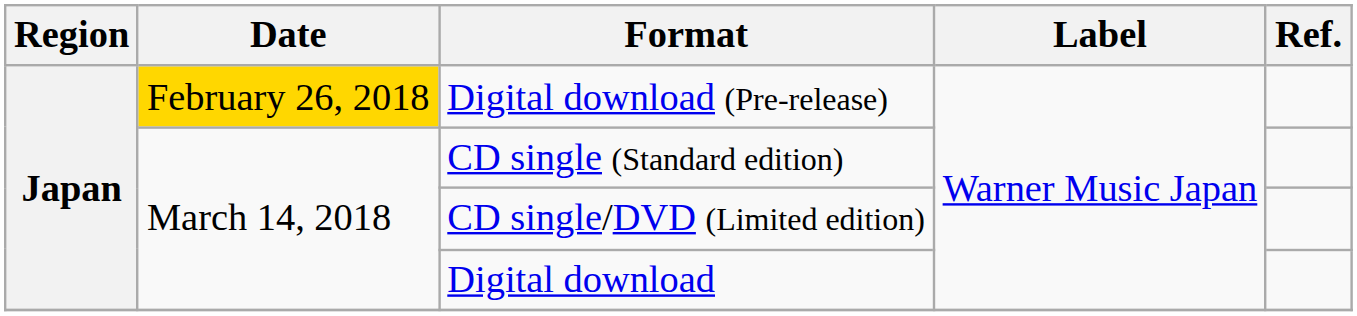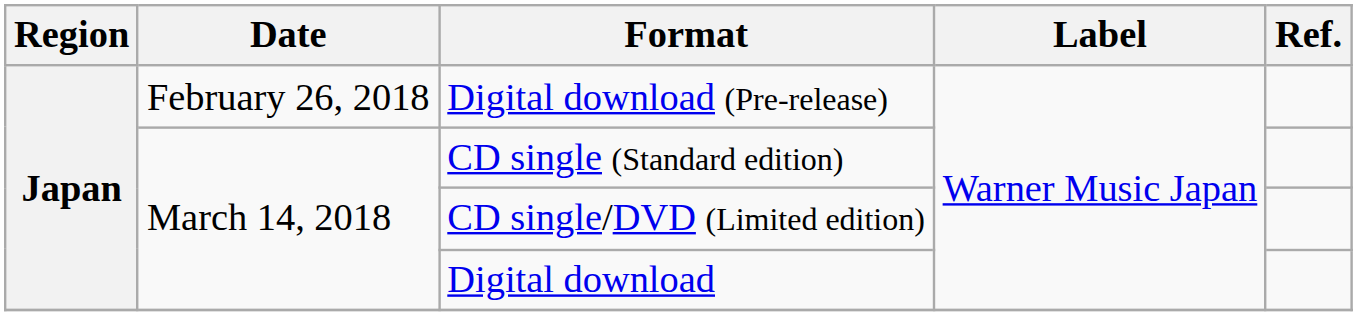 <table class="wikitable sortable plainrowheaders">
 <tr>
 <th scope="col">Region</th>
 <th scope="col">Date</th>
 <th scope="col">Format</th>
 <th scope="col">Label</th>
 <th scope="col">Ref.</th>
 </tr>
 <tr>
 <th rowspan="4">Japan</th>
-<td rowspan="1" style="background: gold;">February 26, 2018</td>
+<td rowspan="1">February 26, 2018</td>
 <td><a href='#'>Digital download</a> <small>(Pre-release)</small></td>
 <td rowspan="4"><a href='#'>Warner Music Japan</a></td>
 <td></td>
 </tr>
 <tr>
 <td rowspan="3">March 14, 2018</td>
 <td><a href='#'>CD single</a> <small>(Standard edition)</small></td>
 <td></td>
 </tr>
 <tr>
 <td><a href='#'>CD single</a>/<a href='#'>DVD</a> <small>(Limited edition)</small></td>
 <td></td>
 </tr>
 <tr>
 <td><a href='#'>Digital download</a></td>
 <td></td>
 </tr>
 <tr>
 </tr>
 </table>
